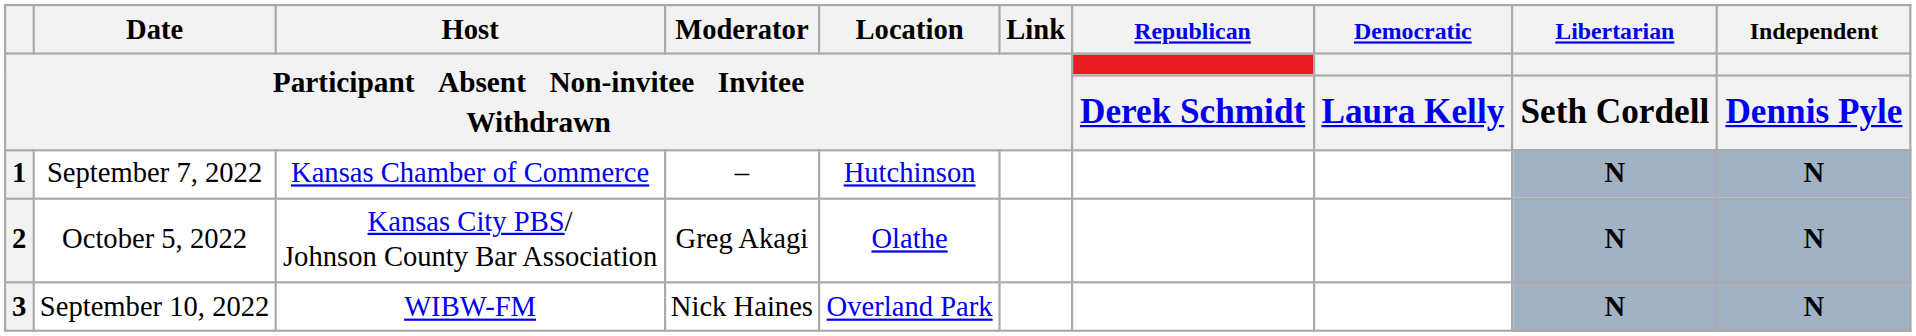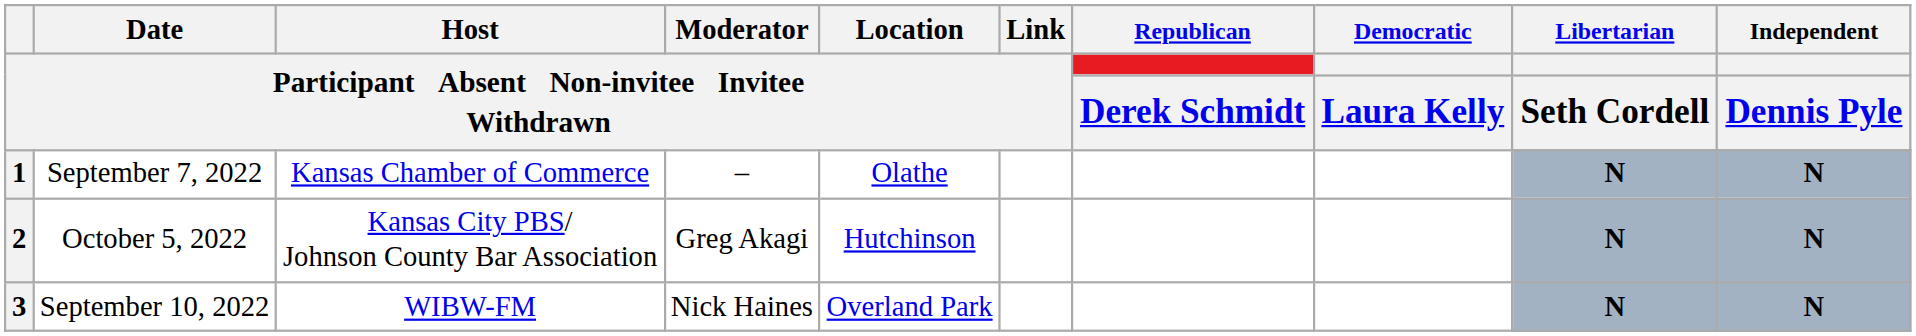 <table class="wikitable mw-collapsible"  style="text-align:center;">
 <tr style="font-size:small;">
 <th scope="col"></th>
 <th scope="col">Date</th>
 <th scope="col">Host</th>
 <th scope="col">Moderator</th>
 <th scope="col">Location</th>
 <th scope="col">Link</th>
 <th scope="col"><small><a href='#'>Republican</a></small></th>
 <th scope="col"><small><a href='#'>Democratic</a></small></th>
 <th scope="col"><small><a href='#'>Libertarian</a></small></th>
 <th scope="col"><small>Independent</small></th>
 </tr>
 <tr>
 <th colspan="6" rowspan="2"> <small>Participant  </small> <small>Absent  </small> <small>Non-invitee  </small> <small>Invitee</small><br><small> Withdrawn</small></th>
 <th scope="col" style="background:#E81B23;"></th>
 <th scope="col" style="background:"></th>
 <th scope="col" style="background:"></th>
 <th scope="col" style="background:"></th>
 </tr>
 <tr>
 <th scope="col"><a href='#'>Derek Schmidt</a></th>
 <th scope="col"><a href='#'>Laura Kelly</a></th>
 <th scope="col">Seth Cordell</th>
 <th scope="col"><a href='#'>Dennis Pyle</a></th>
 </tr>
 <tr style="background:#FFFFFF;font-size:small;">
 <th>1</th>
 <td style="white-space:nowrap;">September 7, 2022</td>
 <td style="white-space:nowrap;"><a href='#'>Kansas Chamber of Commerce</a></td>
 <td style="white-space:nowrap;">–</td>
-<td style="white-space:nowrap;"><a href='#'>Hutchinson</a></td>
+<td style="white-space:nowrap;"><a href='#'>Olathe</a></td>
 <td style="white-space:nowrap;"></td>
 <td></td>
 <td></td>
 <td style="background:#A2B2C2; color:black; text-align:center;"><strong>N</strong></td>
 <td style="background:#A2B2C2; color:black; text-align:center;"><strong>N</strong></td>
 </tr>
 <tr style="background:#FFFFFF;font-size:small;">
 <th>2</th>
 <td style="white-space:nowrap;">October 5, 2022</td>
 <td style="white-space:nowrap;"><a href='#'>Kansas City PBS</a>/<br>Johnson County Bar Association</td>
 <td style="white-space:nowrap;">Greg Akagi</td>
-<td style="white-space:nowrap;"><a href='#'>Olathe</a></td>
+<td style="white-space:nowrap;"><a href='#'>Hutchinson</a></td>
 <td style="white-space:nowrap;"></td>
 <td></td>
 <td></td>
 <td style="background:#A2B2C2; color:black; text-align:center;"><strong>N</strong></td>
 <td style="background:#A2B2C2; color:black; text-align:center;"><strong>N</strong></td>
 </tr>
 <tr style="background:#FFFFFF;font-size:small;">
 <th>3</th>
 <td style="white-space:nowrap;">September 10, 2022</td>
 <td style="white-space:nowrap;"><a href='#'>WIBW-FM</a></td>
 <td style="white-space:nowrap;">Nick Haines</td>
 <td style="white-space:nowrap;"><a href='#'>Overland Park</a></td>
 <td style="white-space:nowrap;"></td>
 <td></td>
 <td></td>
 <td style="background:#A2B2C2; color:black; text-align:center;"><strong>N</strong></td>
 <td style="background:#A2B2C2; color:black; text-align:center;"><strong>N</strong></td>
 </tr>
 </table>
